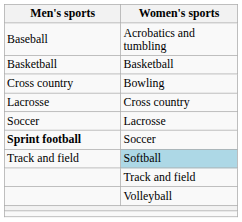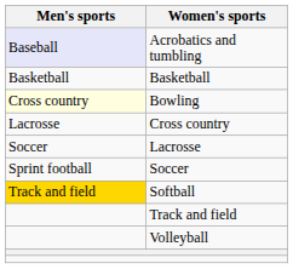 <table class="wikitable"; style= "text-align: ">
 <tr>
 <th width=150px>Men's sports</th>
 <th width=150px>Women's sports</th>
 </tr>
 <tr>
-<td>Baseball</td>
+<td style="background: lavender;">Baseball</td>
 <td>Acrobatics and tumbling</td>
 </tr>
 <tr>
 <td>Basketball</td>
 <td>Basketball</td>
 </tr>
 <tr>
-<td>Cross country</td>
+<td style="background: lightyellow;">Cross country</td>
 <td>Bowling</td>
 </tr>
 <tr>
 <td>Lacrosse</td>
 <td>Cross country</td>
 </tr>
 <tr>
 <td>Soccer</td>
 <td>Lacrosse</td>
 </tr>
 <tr>
-<td><strong>Sprint football</strong></td>
+<td>Sprint football</td>
 <td>Soccer</td>
 </tr>
 <tr>
-<td>Track and field</td>
-<td style="background: lightblue;">Softball</td>
+<td style="background: gold;">Track and field</td>
+<td>Softball</td>
 </tr>
 <tr>
 <td></td>
 <td>Track and field</td>
 </tr>
 <tr>
 <td></td>
 <td>Volleyball</td>
 </tr>
 <tr>
 <th colspan=2></th>
 </tr>
 <tr>
 <td colspan=2></td>
 </tr>
 </table>
